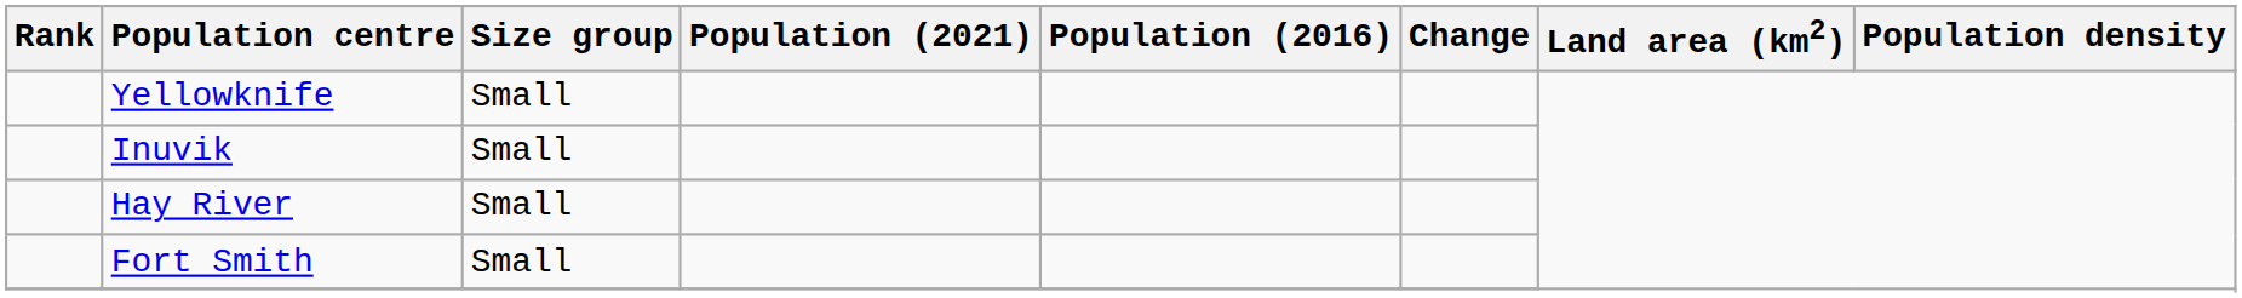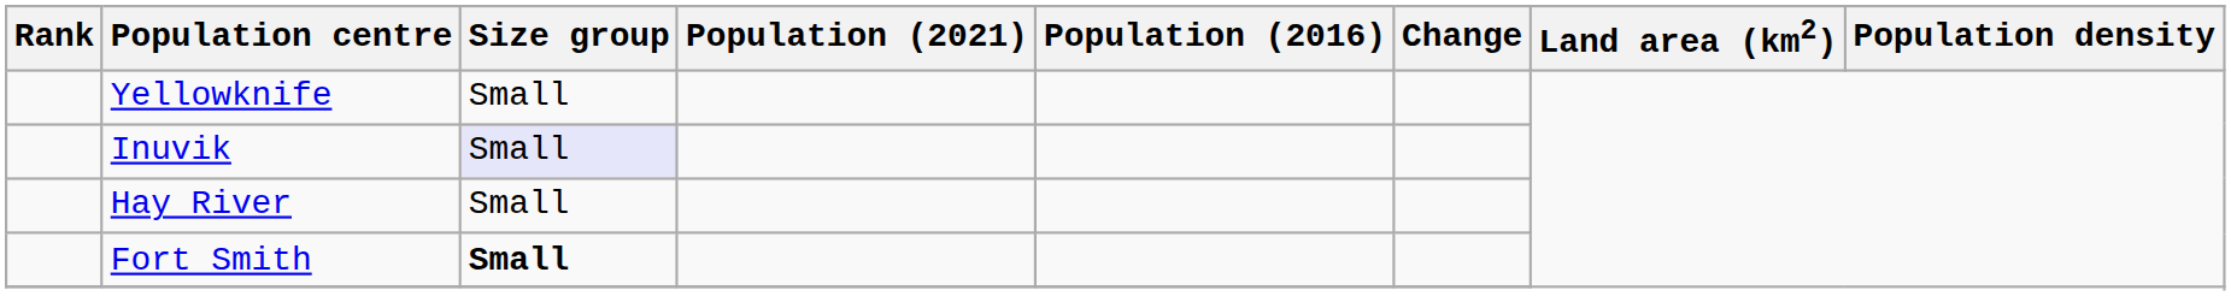 <table class="wikitable sortable">
 <tr>
 <th>Rank</th>
 <th>Population centre</th>
 <th>Size group</th>
 <th>Population (2021)</th>
 <th>Population (2016)</th>
 <th>Change</th>
 <th>Land area (km<sup>2</sup>)</th>
 <th>Population density</th>
 </tr>
 <tr>
 <td scope=row align=center></td>
 <td><a href='#'>Yellowknife</a></td>
 <td>Small</td>
 <td></td>
 <td align=center></td>
 <td align=center></td>
 </tr>
 <tr>
 <td scope=row align=center></td>
 <td><a href='#'>Inuvik</a></td>
-<td>Small</td>
+<td style="background: lavender;">Small</td>
 <td></td>
 <td align=center></td>
 <td align=center></td>
 </tr>
 <tr>
 <td scope=row align=center></td>
 <td><a href='#'>Hay River</a></td>
 <td>Small</td>
 <td></td>
 <td align=center></td>
 <td align=center></td>
 </tr>
 <tr>
 <td scope=row align=center></td>
 <td><a href='#'>Fort Smith</a></td>
-<td>Small</td>
+<td><strong>Small</strong></td>
 <td></td>
 <td align=center></td>
 <td align=center></td>
 </tr>
 <tr>
 </tr>
 </table>
